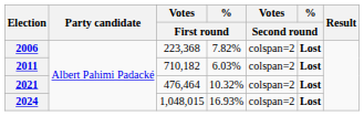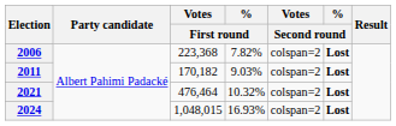 <table class=wikitable style=text-align:center>
 <tr>
 <th rowspan=2>Election</th>
 <th rowspan=2>Party candidate</th>
 <th>Votes</th>
 <th>%</th>
 <th>Votes</th>
 <th>%</th>
 <th rowspan=2>Result</th>
 </tr>
 <tr>
 <th colspan=2>First round</th>
 <th colspan=2>Second round</th>
 </tr>
 <tr>
 <th><a href='#'>2006</a></th>
 <td rowspan=4><a href='#'>Albert Pahimi Padacké</a></td>
 <td>223,368</td>
 <td>7.82%</td>
 <td>colspan=2 </td>
 <td><strong>Lost</strong> </td>
 </tr>
 <tr>
 <th><a href='#'>2011</a></th>
-<td>710,182</td>
-<td>6.03%</td>
+<td>170,182</td>
+<td>9.03%</td>
 <td>colspan=2 </td>
 <td><strong>Lost</strong> </td>
 </tr>
 <tr>
 <th><a href='#'>2021</a></th>
 <td>476,464</td>
 <td>10.32%</td>
 <td>colspan=2 </td>
 <td><strong>Lost</strong> </td>
 </tr>
 <tr>
 <th><a href='#'>2024</a></th>
 <td>1,048,015</td>
 <td>16.93%</td>
 <td>colspan=2 </td>
 <td><strong>Lost</strong> </td>
 </tr>
 </table>
